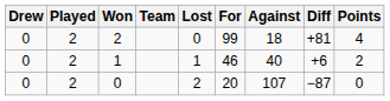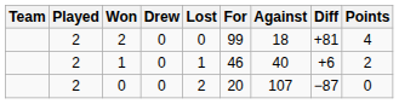 <table class="wikitable" style="text-align:center">
 <tr>
-<th>Drew</th>
+<th>Team</th>
 <th>Played</th>
 <th>Won</th>
-<th>Team</th>
+<th>Drew</th>
 <th>Lost</th>
 <th>For</th>
 <th>Against</th>
 <th>Diff</th>
 <th>Points</th>
 </tr>
 <tr>
-<td>0</td>
+<td align=left></td>
 <td>2</td>
 <td>2</td>
-<td align=left></td>
+<td>0</td>
 <td>0</td>
 <td>99</td>
 <td>18</td>
 <td>+81</td>
 <td>4</td>
 </tr>
 <tr>
-<td>0</td>
+<td align=left></td>
 <td>2</td>
 <td>1</td>
-<td align=left></td>
+<td>0</td>
 <td>1</td>
 <td>46</td>
 <td>40</td>
 <td>+6</td>
 <td>2</td>
 </tr>
 <tr>
-<td>0</td>
+<td align=left></td>
 <td>2</td>
 <td>0</td>
-<td align=left></td>
+<td>0</td>
 <td>2</td>
 <td>20</td>
 <td>107</td>
 <td>−87</td>
 <td>0</td>
 </tr>
 </table>
